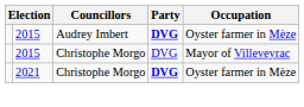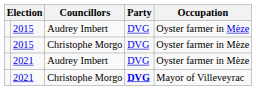 <table class="wikitable">
 <tr>
 <th colspan="2">Election</th>
 <th>Councillors</th>
 <th>Party</th>
 <th>Occupation</th>
 </tr>
 <tr>
 <td style="background-color: "></td>
 <td><a href='#'>2015</a></td>
 <td>Audrey Imbert</td>
-<td><strong><a href='#'>DVG</a></strong></td>
+<td><a href='#'>DVG</a></td>
 <td>Oyster farmer in <a href='#'>Mèze</a></td>
 </tr>
 <tr>
 <td style="background-color: "></td>
 <td><a href='#'>2015</a></td>
 <td>Christophe Morgo</td>
 <td><a href='#'>DVG</a></td>
-<td>Mayor of <a href='#'>Villeveyrac</a></td>
+<td>Oyster farmer in Mèze</td>
+</tr>
+<tr>
+<td style="background-color: "></td>
+<td><a href='#'>2021</a></td>
+<td>Audrey Imbert</td>
+<td><a href='#'>DVG</a></td>
+<td>Oyster farmer in Mèze</td>
 </tr>
 <tr>
 <td style="background-color: "></td>
 <td><a href='#'>2021</a></td>
 <td>Christophe Morgo</td>
 <td><strong><a href='#'>DVG</a></strong></td>
-<td>Oyster farmer in Mèze</td>
+<td>Mayor of Villeveyrac</td>
 </tr>
 </table>
